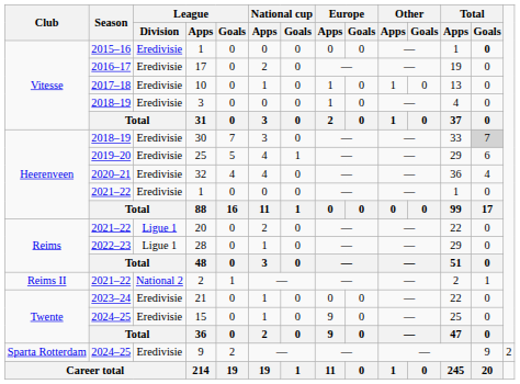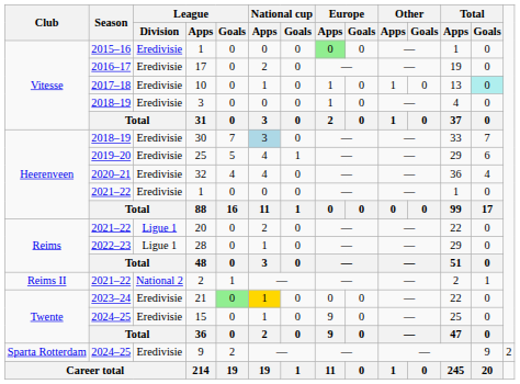 <table class="wikitable" style="text-align:center">
 <tr>
 <th rowspan="2">Club</th>
 <th rowspan="2">Season</th>
 <th colspan="3">League</th>
 <th colspan="2">National cup</th>
 <th colspan="2">Europe</th>
 <th colspan="2">Other</th>
 <th colspan="2">Total</th>
 </tr>
 <tr>
 <th>Division</th>
 <th>Apps</th>
 <th>Goals</th>
 <th>Apps</th>
 <th>Goals</th>
 <th>Apps</th>
 <th>Goals</th>
 <th>Apps</th>
 <th>Goals</th>
 <th>Apps</th>
 <th>Goals</th>
 </tr>
 <tr>
 <td rowspan="5"><a href='#'>Vitesse</a></td>
 <td><a href='#'>2015–16</a></td>
 <td><a href='#'>Eredivisie</a></td>
 <td>1</td>
 <td>0</td>
 <td>0</td>
 <td>0</td>
-<td>0</td>
+<td style="background: lightgreen;">0</td>
 <td>0</td>
 <td colspan="2">—</td>
 <td>1</td>
-<td><strong>0</strong></td>
+<td>0</td>
 </tr>
 <tr>
 <td><a href='#'>2016–17</a></td>
 <td>Eredivisie</td>
 <td>17</td>
 <td>0</td>
 <td>2</td>
 <td>0</td>
 <td colspan="2">—</td>
 <td colspan="2">—</td>
 <td>19</td>
 <td>0</td>
 </tr>
 <tr>
 <td><a href='#'>2017–18</a></td>
 <td>Eredivisie</td>
 <td>10</td>
 <td>0</td>
 <td>1</td>
 <td>0</td>
 <td>1</td>
 <td>0</td>
 <td>1</td>
 <td>0</td>
 <td>13</td>
-<td>0</td>
+<td style="background: paleturquoise;">0</td>
 </tr>
 <tr>
 <td><a href='#'>2018–19</a></td>
 <td>Eredivisie</td>
 <td>3</td>
 <td>0</td>
 <td>0</td>
 <td>0</td>
 <td>1</td>
 <td>0</td>
 <td colspan="2">—</td>
 <td>4</td>
 <td>0</td>
 </tr>
 <tr>
 <th colspan="2">Total</th>
 <th>31</th>
 <th>0</th>
 <th>3</th>
 <th>0</th>
 <th>2</th>
 <th>0</th>
 <th>1</th>
 <th>0</th>
 <th>37</th>
 <th>0</th>
 </tr>
 <tr>
 <td rowspan="5"><a href='#'>Heerenveen</a></td>
 <td><a href='#'>2018–19</a></td>
 <td>Eredivisie</td>
 <td>30</td>
 <td>7</td>
-<td>3</td>
+<td style="background: lightblue;">3</td>
 <td>0</td>
 <td colspan="2">—</td>
 <td colspan="2">—</td>
 <td>33</td>
-<td style="background: lightgrey;">7</td>
+<td>7</td>
 </tr>
 <tr>
 <td><a href='#'>2019–20</a></td>
 <td>Eredivisie</td>
 <td>25</td>
 <td>5</td>
 <td>4</td>
 <td>1</td>
 <td colspan="2">—</td>
 <td colspan="2">—</td>
 <td>29</td>
 <td>6</td>
 </tr>
 <tr>
 <td><a href='#'>2020–21</a></td>
 <td>Eredivisie</td>
 <td>32</td>
 <td>4</td>
 <td>4</td>
 <td>0</td>
 <td colspan="2">—</td>
 <td colspan="2">—</td>
 <td>36</td>
 <td>4</td>
 </tr>
 <tr>
 <td><a href='#'>2021–22</a></td>
 <td>Eredivisie</td>
 <td>1</td>
 <td>0</td>
 <td>0</td>
 <td>0</td>
 <td colspan="2">—</td>
 <td colspan="2">—</td>
 <td>1</td>
 <td>0</td>
 </tr>
 <tr>
 <th colspan="2">Total</th>
 <th>88</th>
 <th>16</th>
 <th>11</th>
 <th>1</th>
 <th>0</th>
 <th>0</th>
 <th>0</th>
 <th>0</th>
 <th>99</th>
 <th>17</th>
 </tr>
 <tr>
 <td rowspan="3"><a href='#'>Reims</a></td>
 <td><a href='#'>2021–22</a></td>
 <td><a href='#'>Ligue 1</a></td>
 <td>20</td>
 <td>0</td>
 <td>2</td>
 <td>0</td>
 <td colspan="2">—</td>
 <td colspan="2">—</td>
 <td>22</td>
 <td>0</td>
 </tr>
 <tr>
 <td><a href='#'>2022–23</a></td>
 <td>Ligue 1</td>
 <td>28</td>
 <td>0</td>
 <td>1</td>
 <td>0</td>
 <td colspan="2">—</td>
 <td colspan="2">—</td>
 <td>29</td>
 <td>0</td>
 </tr>
 <tr>
 <th colspan="2">Total</th>
 <th>48</th>
 <th>0</th>
 <th>3</th>
 <th>0</th>
 <th colspan="2">—</th>
 <th colspan="2">—</th>
 <th>51</th>
 <th>0</th>
 </tr>
 <tr>
 <td><a href='#'>Reims II</a></td>
 <td><a href='#'>2021–22</a></td>
 <td><a href='#'>National 2</a></td>
 <td>2</td>
 <td>1</td>
 <td colspan="2">—</td>
 <td colspan="2">—</td>
 <td colspan="2">—</td>
 <td>2</td>
 <td>1</td>
 </tr>
 <tr>
 <td rowspan="3"><a href='#'>Twente</a></td>
 <td><a href='#'>2023–24</a></td>
 <td>Eredivisie</td>
 <td>21</td>
-<td>0</td>
-<td>1</td>
+<td style="background: lightgreen;">0</td>
+<td style="background: gold;">1</td>
 <td>0</td>
 <td>0</td>
 <td>0</td>
 <td colspan="2">—</td>
 <td>22</td>
 <td>0</td>
 </tr>
 <tr>
 <td><a href='#'>2024–25</a></td>
 <td>Eredivisie</td>
 <td>15</td>
 <td>0</td>
 <td>1</td>
 <td>0</td>
 <td>9</td>
 <td>0</td>
 <td colspan="2">—</td>
 <td>25</td>
 <td>0</td>
 </tr>
 <tr>
 <th colspan="2">Total</th>
 <th>36</th>
 <th>0</th>
 <th>2</th>
 <th>0</th>
 <th>9</th>
 <th>0</th>
 <th colspan="2">—</th>
 <th>47</th>
 <th>0</th>
 </tr>
 <tr>
 <td><a href='#'>Sparta Rotterdam</a></td>
 <td><a href='#'>2024–25</a></td>
 <td>Eredivisie</td>
 <td>9</td>
 <td>2</td>
 <td colspan="2">—</td>
 <td colspan="2">—</td>
 <td colspan="3">—</td>
 <td>9</td>
 <td>2</td>
 </tr>
 <tr>
 <th colspan="3">Career total</th>
 <th>214</th>
 <th>19</th>
 <th>19</th>
 <th>1</th>
 <th>11</th>
 <th>0</th>
 <th>1</th>
 <th>0</th>
 <th>245</th>
 <th>20</th>
 </tr>
 </table>
